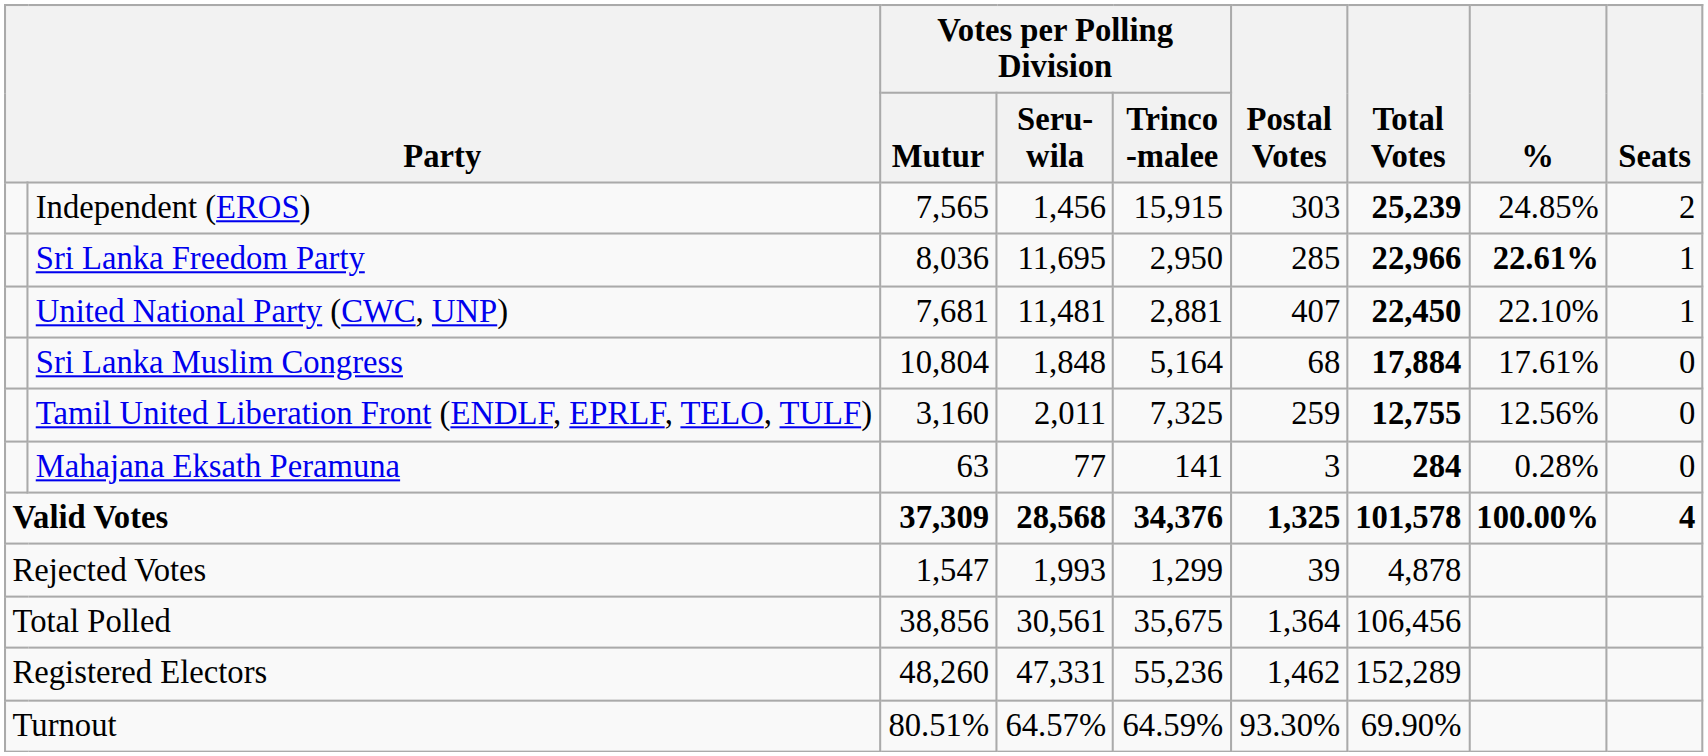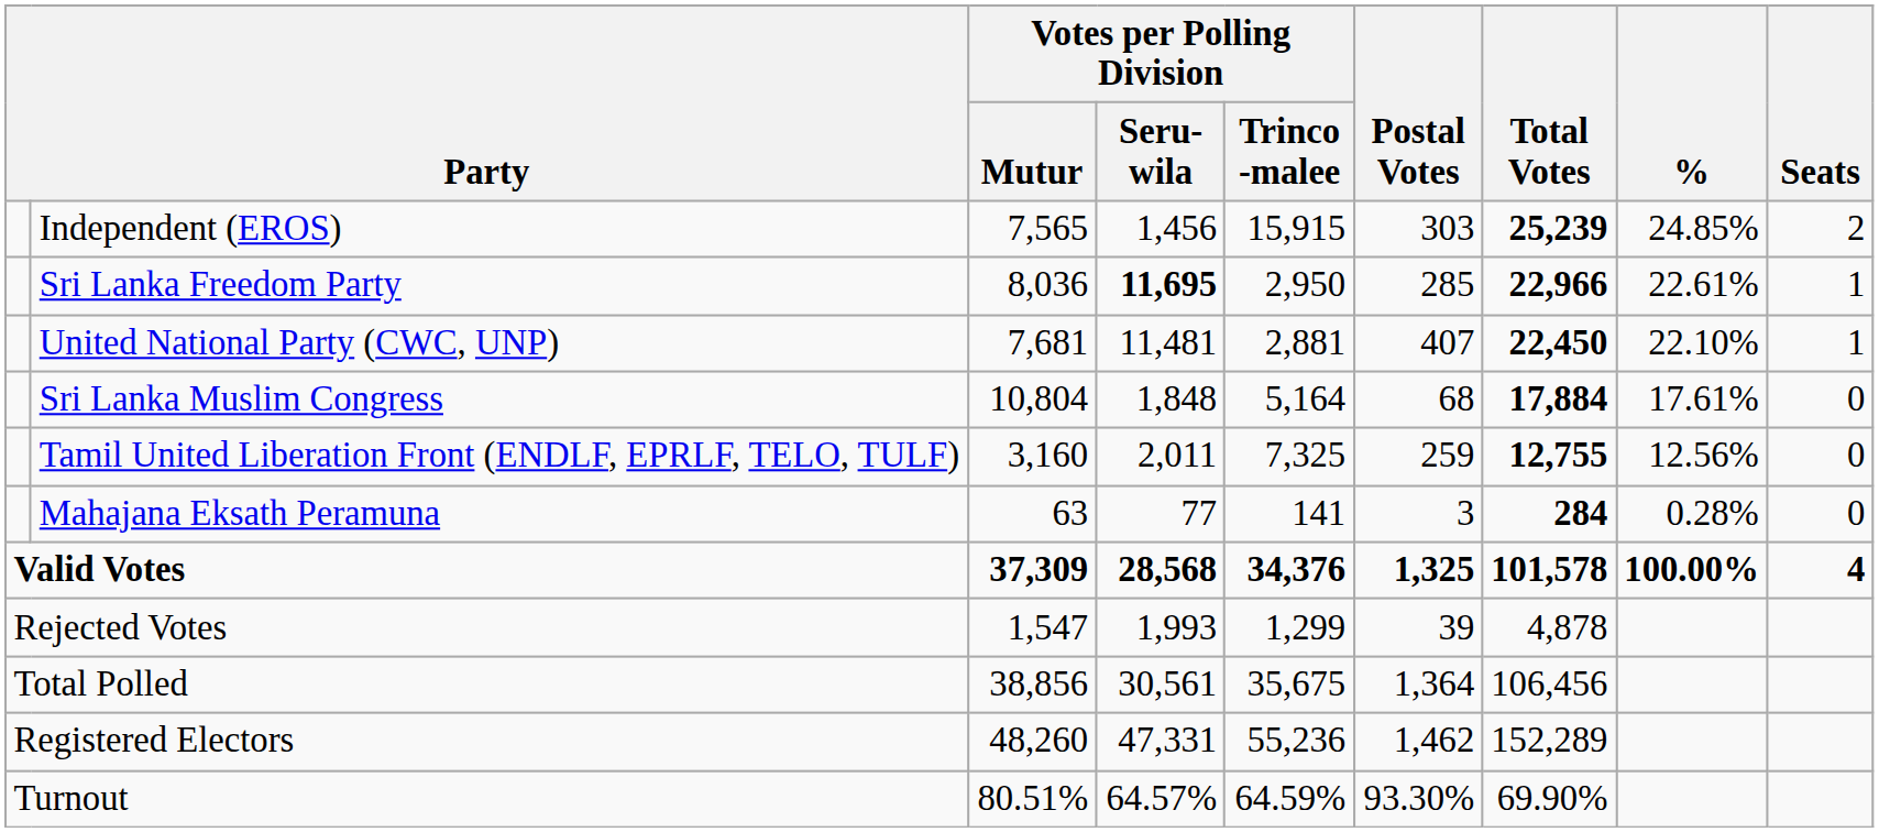 <table class="wikitable" border="1" style="text-align:right;">
 <tr>
 <th align=left valign=bottom rowspan=2 colspan=2>Party</th>
 <th colspan=3>Votes per Polling Division</th>
 <th align=center valign=bottom rowspan=2 width="50">Postal<br>Votes</th>
 <th align=center valign=bottom rowspan=2 width="50">Total Votes</th>
 <th align=center valign=bottom rowspan=2 width="50">%</th>
 <th align=center valign=bottom rowspan=2 width="40">Seats</th>
 </tr>
 <tr>
 <th align=center valign=bottom width="50">Mutur</th>
 <th align=center valign=bottom width="50">Seru-<br>wila</th>
 <th align=center valign=bottom width="50">Trinco<br>-malee</th>
 </tr>
 <tr>
 <td bgcolor=> </td>
 <td align=left>Independent (<a href='#'>EROS</a>)</td>
 <td>7,565</td>
 <td>1,456</td>
 <td>15,915</td>
 <td>303</td>
 <td><strong>25,239</strong></td>
 <td>24.85%</td>
 <td>2</td>
 </tr>
 <tr>
 <td bgcolor=> </td>
 <td align=left><a href='#'>Sri Lanka Freedom Party</a></td>
 <td>8,036</td>
-<td>11,695</td>
+<td><strong>11,695</strong></td>
 <td>2,950</td>
 <td>285</td>
 <td><strong>22,966</strong></td>
-<td><strong>22.61%</strong></td>
+<td>22.61%</td>
 <td>1</td>
 </tr>
 <tr>
 <td bgcolor=> </td>
 <td align=left><a href='#'>United National Party</a> (<a href='#'>CWC</a>, <a href='#'>UNP</a>)</td>
 <td>7,681</td>
 <td>11,481</td>
 <td>2,881</td>
 <td>407</td>
 <td><strong>22,450</strong></td>
 <td>22.10%</td>
 <td>1</td>
 </tr>
 <tr>
 <td bgcolor=> </td>
 <td align=left><a href='#'>Sri Lanka Muslim Congress</a></td>
 <td>10,804</td>
 <td>1,848</td>
 <td>5,164</td>
 <td>68</td>
 <td><strong>17,884</strong></td>
 <td>17.61%</td>
 <td>0</td>
 </tr>
 <tr>
 <td bgcolor=> </td>
 <td align=left><a href='#'>Tamil United Liberation Front</a> (<a href='#'>ENDLF</a>, <a href='#'>EPRLF</a>, <a href='#'>TELO</a>, <a href='#'>TULF</a>)</td>
 <td>3,160</td>
 <td>2,011</td>
 <td>7,325</td>
 <td>259</td>
 <td><strong>12,755</strong></td>
 <td>12.56%</td>
 <td>0</td>
 </tr>
 <tr>
 <td bgcolor=> </td>
 <td align=left><a href='#'>Mahajana Eksath Peramuna</a></td>
 <td>63</td>
 <td>77</td>
 <td>141</td>
 <td>3</td>
 <td><strong>284</strong></td>
 <td>0.28%</td>
 <td>0</td>
 </tr>
 <tr>
 <td align=left colspan=2><strong>Valid Votes</strong></td>
 <td><strong>37,309</strong></td>
 <td><strong>28,568</strong></td>
 <td><strong>34,376</strong></td>
 <td><strong>1,325</strong></td>
 <td><strong>101,578</strong></td>
 <td><strong>100.00%</strong></td>
 <td><strong>4</strong></td>
 </tr>
 <tr>
 <td align=left colspan=2>Rejected Votes</td>
 <td>1,547</td>
 <td>1,993</td>
 <td>1,299</td>
 <td>39</td>
 <td>4,878</td>
 <td></td>
 <td></td>
 </tr>
 <tr>
 <td align=left colspan=2>Total Polled</td>
 <td>38,856</td>
 <td>30,561</td>
 <td>35,675</td>
 <td>1,364</td>
 <td>106,456</td>
 <td></td>
 <td></td>
 </tr>
 <tr>
 <td align=left colspan=2>Registered Electors</td>
 <td>48,260</td>
 <td>47,331</td>
 <td>55,236</td>
 <td>1,462</td>
 <td>152,289</td>
 <td></td>
 <td></td>
 </tr>
 <tr>
 <td align=left colspan=2>Turnout</td>
 <td>80.51%</td>
 <td>64.57%</td>
 <td>64.59%</td>
 <td>93.30%</td>
 <td>69.90%</td>
 <td></td>
 <td></td>
 </tr>
 </table>
